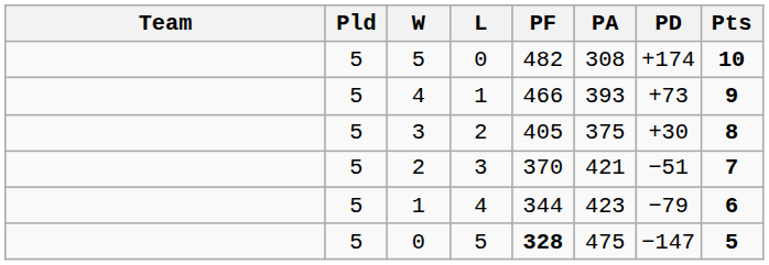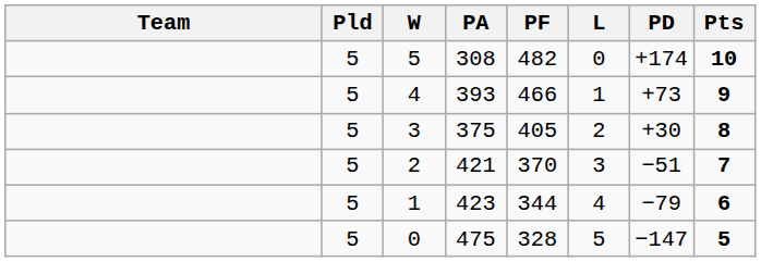 <table class=wikitable style="text-align:center">
 <tr>
 <th width=180>Team</th>
 <th width=30>Pld</th>
 <th width=30>W</th>
+<th width=30>PA</th>
+<th width=30>PF</th>
 <th width=30>L</th>
-<th width=30>PF</th>
-<th width=30>PA</th>
 <th width=30>PD</th>
 <th width=30>Pts</th>
 </tr>
 <tr>
 <td align="left"></td>
 <td>5</td>
 <td>5</td>
+<td>308</td>
+<td>482</td>
 <td>0</td>
-<td>482</td>
-<td>308</td>
 <td>+174</td>
 <td><strong>10</strong></td>
 </tr>
 <tr>
 <td align="left"></td>
 <td>5</td>
 <td>4</td>
+<td>393</td>
+<td>466</td>
 <td>1</td>
-<td>466</td>
-<td>393</td>
 <td>+73</td>
 <td><strong>9</strong></td>
 </tr>
 <tr>
 <td align="left"></td>
 <td>5</td>
 <td>3</td>
+<td>375</td>
+<td>405</td>
 <td>2</td>
-<td>405</td>
-<td>375</td>
 <td>+30</td>
 <td><strong>8</strong></td>
 </tr>
 <tr>
 <td align="left"></td>
 <td>5</td>
 <td>2</td>
+<td>421</td>
+<td>370</td>
 <td>3</td>
-<td>370</td>
-<td>421</td>
 <td>−51</td>
 <td><strong>7</strong></td>
 </tr>
 <tr>
 <td align="left"></td>
 <td>5</td>
 <td>1</td>
+<td>423</td>
+<td>344</td>
 <td>4</td>
-<td>344</td>
-<td>423</td>
 <td>−79</td>
 <td><strong>6</strong></td>
 </tr>
 <tr>
 <td align="left"></td>
 <td>5</td>
 <td>0</td>
+<td>475</td>
+<td>328</td>
 <td>5</td>
-<td><strong>328</strong></td>
-<td>475</td>
 <td>−147</td>
 <td><strong>5</strong></td>
 </tr>
 </table>
